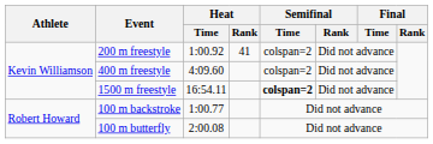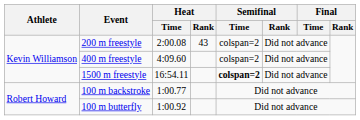 <table class=wikitable style="font-size:90%;">
 <tr>
 <th rowspan=2>Athlete</th>
 <th rowspan=2>Event</th>
 <th colspan=2>Heat</th>
 <th colspan=2>Semifinal</th>
 <th colspan=2>Final</th>
 </tr>
 <tr style="font-size:95%">
 <th>Time</th>
 <th>Rank</th>
 <th>Time</th>
 <th>Rank</th>
 <th>Time</th>
 <th>Rank</th>
 </tr>
 <tr align=center>
 <td rowspan=3 align=left><a href='#'>Kevin Williamson</a></td>
 <td align=left><a href='#'>200 m freestyle</a></td>
-<td>1:00.92</td>
-<td>41</td>
+<td>2:00.08</td>
+<td>43</td>
 <td>colspan=2 </td>
 <td colspan=2>Did not advance</td>
 </tr>
 <tr align=center>
 <td align=left><a href='#'>400 m freestyle</a></td>
 <td>4:09.60</td>
 <td></td>
 <td>colspan=2 </td>
 <td colspan=2>Did not advance</td>
 </tr>
 <tr align=center>
 <td align=left><a href='#'>1500 m freestyle</a></td>
 <td>16:54.11</td>
 <td></td>
 <td><strong>colspan=2 </strong></td>
 <td colspan=2>Did not advance</td>
 </tr>
 <tr align=center>
 <td rowspan=2 align=left><a href='#'>Robert Howard</a></td>
 <td align=left><a href='#'>100 m backstroke</a></td>
 <td>1:00.77</td>
 <td></td>
 <td colspan=4>Did not advance</td>
 </tr>
 <tr align=center>
 <td align=left><a href='#'>100 m butterfly</a></td>
-<td>2:00.08</td>
+<td>1:00.92</td>
 <td></td>
 <td colspan=4>Did not advance</td>
 </tr>
 </table>
